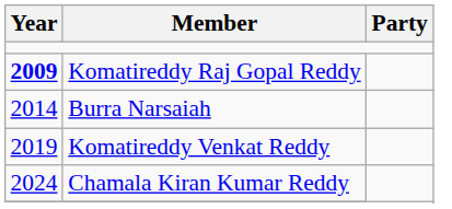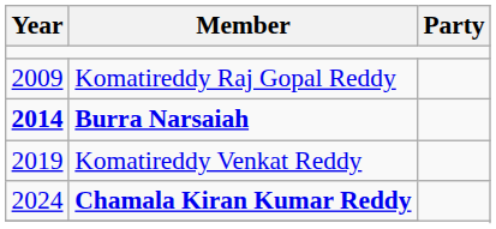 <table class="wikitable">
 <tr>
 <th>Year</th>
 <th>Member</th>
 <th colspan="2">Party</th>
 </tr>
 <tr>
 <td colspan="4"></td>
 </tr>
 <tr>
-<td><strong><a href='#'>2009</a></strong></td>
+<td><a href='#'>2009</a></td>
 <td><a href='#'>Komatireddy Raj Gopal Reddy</a></td>
 <td></td>
 </tr>
 <tr>
-<td><a href='#'>2014</a></td>
-<td><a href='#'>Burra Narsaiah</a></td>
+<td><strong><a href='#'>2014</a></strong></td>
+<td><strong><a href='#'>Burra Narsaiah</a></strong></td>
 <td></td>
 </tr>
 <tr>
 <td><a href='#'>2019</a></td>
 <td><a href='#'>Komatireddy Venkat Reddy</a></td>
 <td></td>
 </tr>
 <tr>
 <td><a href='#'>2024</a></td>
-<td><a href='#'>Chamala Kiran Kumar Reddy</a></td>
+<td><strong><a href='#'>Chamala Kiran Kumar Reddy</a></strong></td>
 </tr>
 <tr>
 </tr>
 </table>
